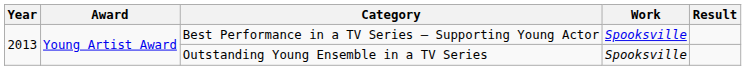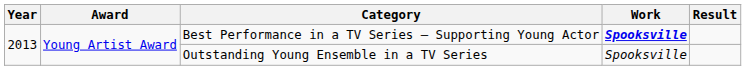 <table class="wikitable">
 <tr>
 <th>Year</th>
 <th>Award</th>
 <th>Category</th>
 <th>Work</th>
 <th>Result</th>
 </tr>
 <tr>
 <td rowspan="2">2013</td>
 <td rowspan="2"><a href='#'>Young Artist Award</a></td>
 <td>Best Performance in a TV Series – Supporting Young Actor</td>
-<td><em><a href='#'>Spooksville</a></em></td>
+<td><strong><em><a href='#'>Spooksville</a></em></strong></td>
 <td></td>
 </tr>
 <tr>
 <td>Outstanding Young Ensemble in a TV Series</td>
 <td><em>Spooksville</em></td>
 <td></td>
 </tr>
 </table>
